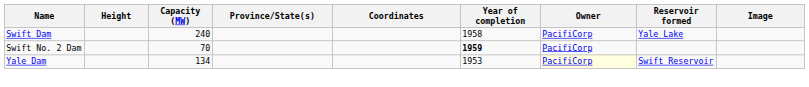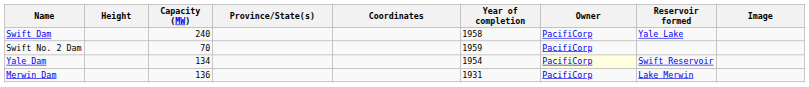 <table class="wikitable sortable" border="1">
 <tr>
 <th width="10%">Name</th>
 <th width="8%">Height</th>
 <th width="8%">Capacity (<a href='#'>MW</a>)</th>
 <th width="15%">Province/State(s)</th>
 <th width="16%">Coordinates</th>
 <th width="10%">Year of completion</th>
 <th width="12%">Owner</th>
 <th width="10%">Reservoir formed</th>
 <th>Image</th>
 </tr>
 <tr>
 <td><a href='#'>Swift Dam</a></td>
 <td></td>
 <td align=right>240</td>
 <td></td>
 <td></td>
 <td>1958</td>
 <td><a href='#'>PacifiCorp</a></td>
 <td><a href='#'>Yale Lake</a></td>
 <td></td>
 </tr>
 <tr>
 <td>Swift No. 2 Dam</td>
 <td></td>
 <td align=right>70</td>
 <td></td>
 <td></td>
-<td><strong>1959</strong></td>
+<td>1959</td>
 <td><a href='#'>PacifiCorp</a></td>
 <td></td>
 <td></td>
 </tr>
 <tr>
 <td><a href='#'>Yale Dam</a></td>
 <td></td>
 <td align=right>134</td>
 <td></td>
 <td></td>
-<td>1953</td>
+<td>1954</td>
 <td style="background: lightyellow;"><a href='#'>PacifiCorp</a></td>
 <td><a href='#'>Swift Reservoir</a></td>
 <td><br></td>
 </tr>
+<tr>
+<td><a href='#'>Merwin Dam</a></td>
+<td></td>
+<td align=right>136</td>
+<td></td>
+<td></td>
+<td>1931</td>
+<td><a href='#'>PacifiCorp</a></td>
+<td><a href='#'>Lake Merwin</a></td>
+<td></td>
+</tr>
 </table>
